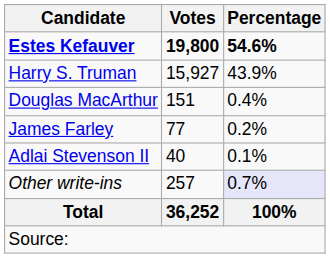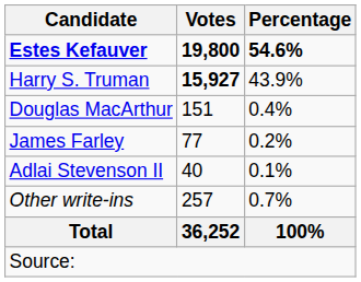 <table class="wikitable">
 <tr>
 <th>Candidate</th>
 <th>Votes</th>
 <th>Percentage</th>
 </tr>
 <tr>
 <td><strong><a href='#'>Estes Kefauver</a></strong></td>
 <td><strong>19,800</strong></td>
 <td><strong>54.6%</strong></td>
 </tr>
 <tr>
 <td><a href='#'>Harry S. Truman</a></td>
-<td>15,927</td>
+<td><strong>15,927</strong></td>
 <td>43.9%</td>
 </tr>
 <tr>
 <td><a href='#'>Douglas MacArthur</a></td>
 <td>151</td>
 <td>0.4%</td>
 </tr>
 <tr>
 <td><a href='#'>James Farley</a></td>
 <td>77</td>
 <td>0.2%</td>
 </tr>
 <tr>
 <td><a href='#'>Adlai Stevenson II</a></td>
 <td>40</td>
 <td>0.1%</td>
 </tr>
 <tr>
 <td><em>Other write-ins</em></td>
 <td>257</td>
-<td style="background: lavender;">0.7%</td>
+<td>0.7%</td>
 </tr>
 <tr>
 <th>Total</th>
 <th>36,252</th>
 <th>100%</th>
 </tr>
 <tr>
 <td colspan="3">Source:</td>
 </tr>
 </table>
